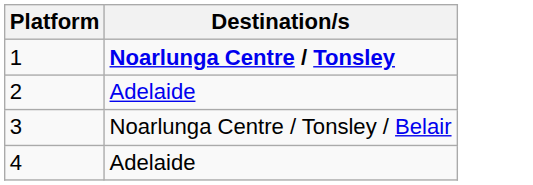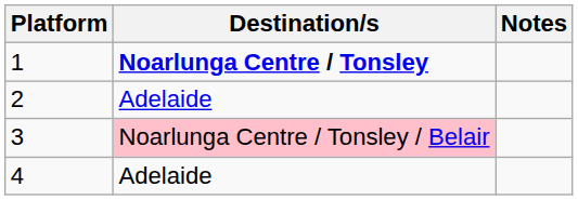 <table class="wikitable">
 <tr>
 <th>Platform</th>
 <th>Destination/s</th>
+<th>Notes</th>
 </tr>
 <tr>
 <td style="background:#">1</td>
 <td><strong><a href='#'>Noarlunga Centre</a> / <a href='#'>Tonsley</a></strong></td>
+<td></td>
 </tr>
 <tr>
 <td style="background:#">2</td>
 <td><a href='#'>Adelaide</a></td>
+<td></td>
 </tr>
 <tr>
 <td style="background:#">3</td>
-<td>Noarlunga Centre / Tonsley / <a href='#'>Belair</a></td>
+<td style="background: pink;">Noarlunga Centre / Tonsley / <a href='#'>Belair</a></td>
+<td></td>
 </tr>
 <tr>
 <td style="background:#">4</td>
 <td>Adelaide</td>
+<td></td>
 </tr>
 </table>
